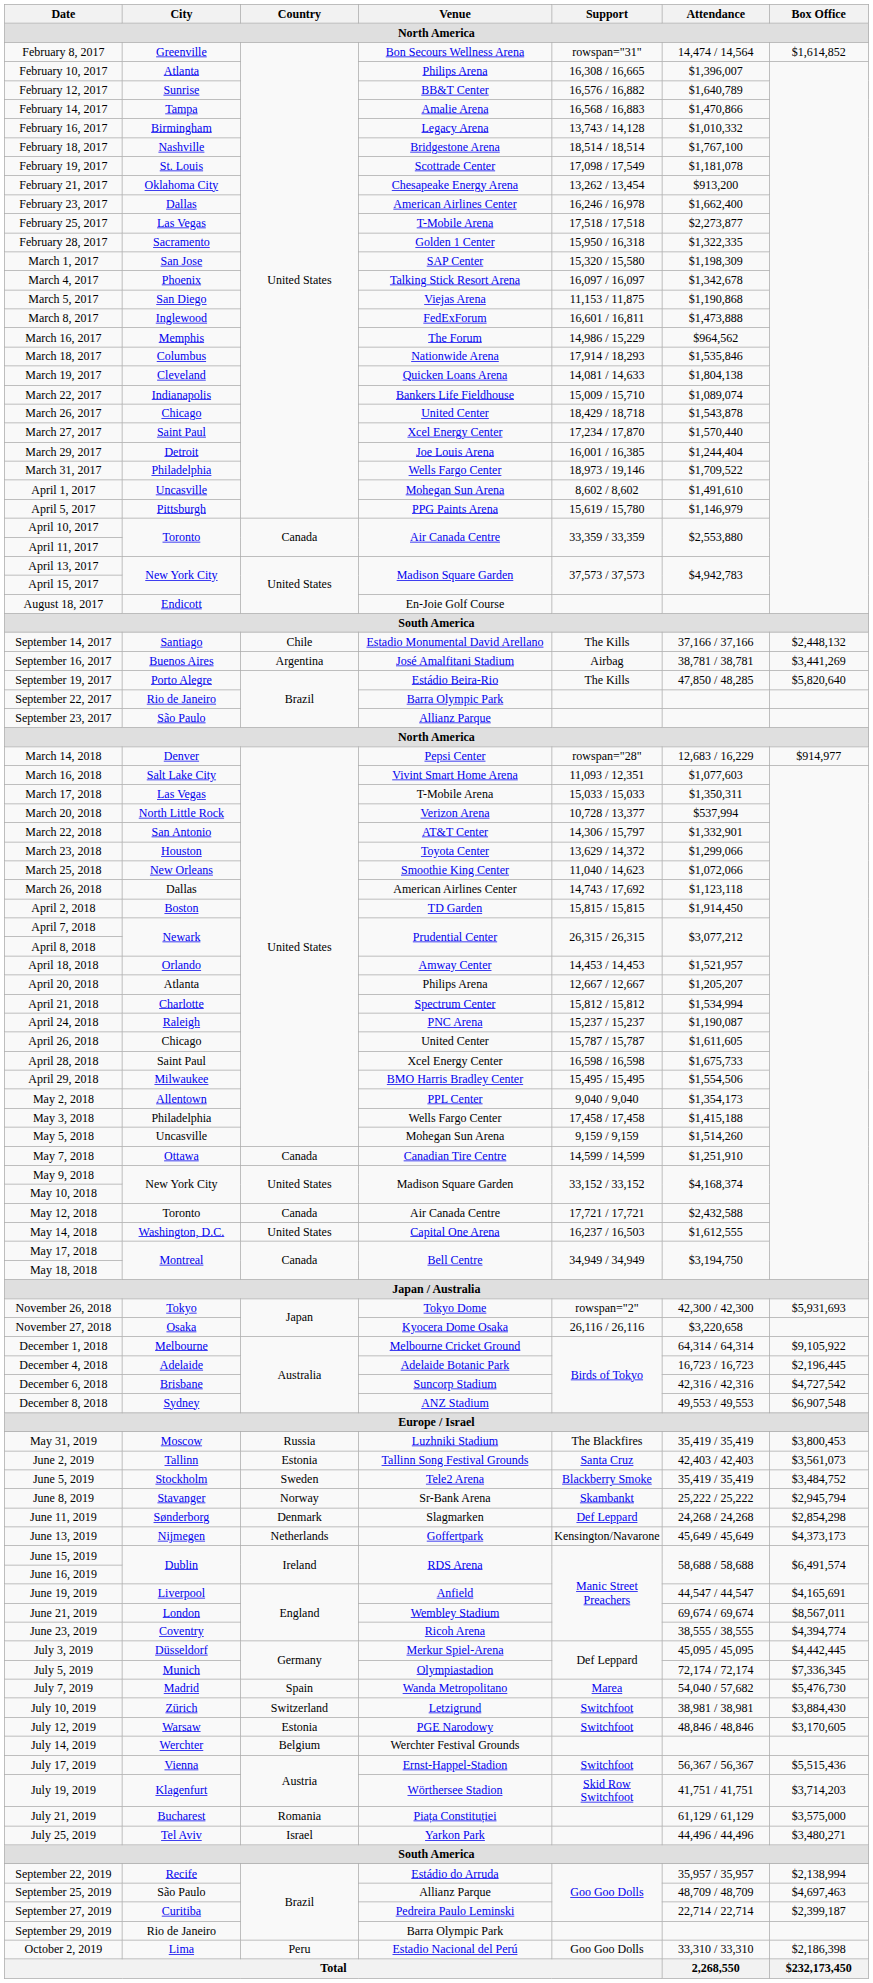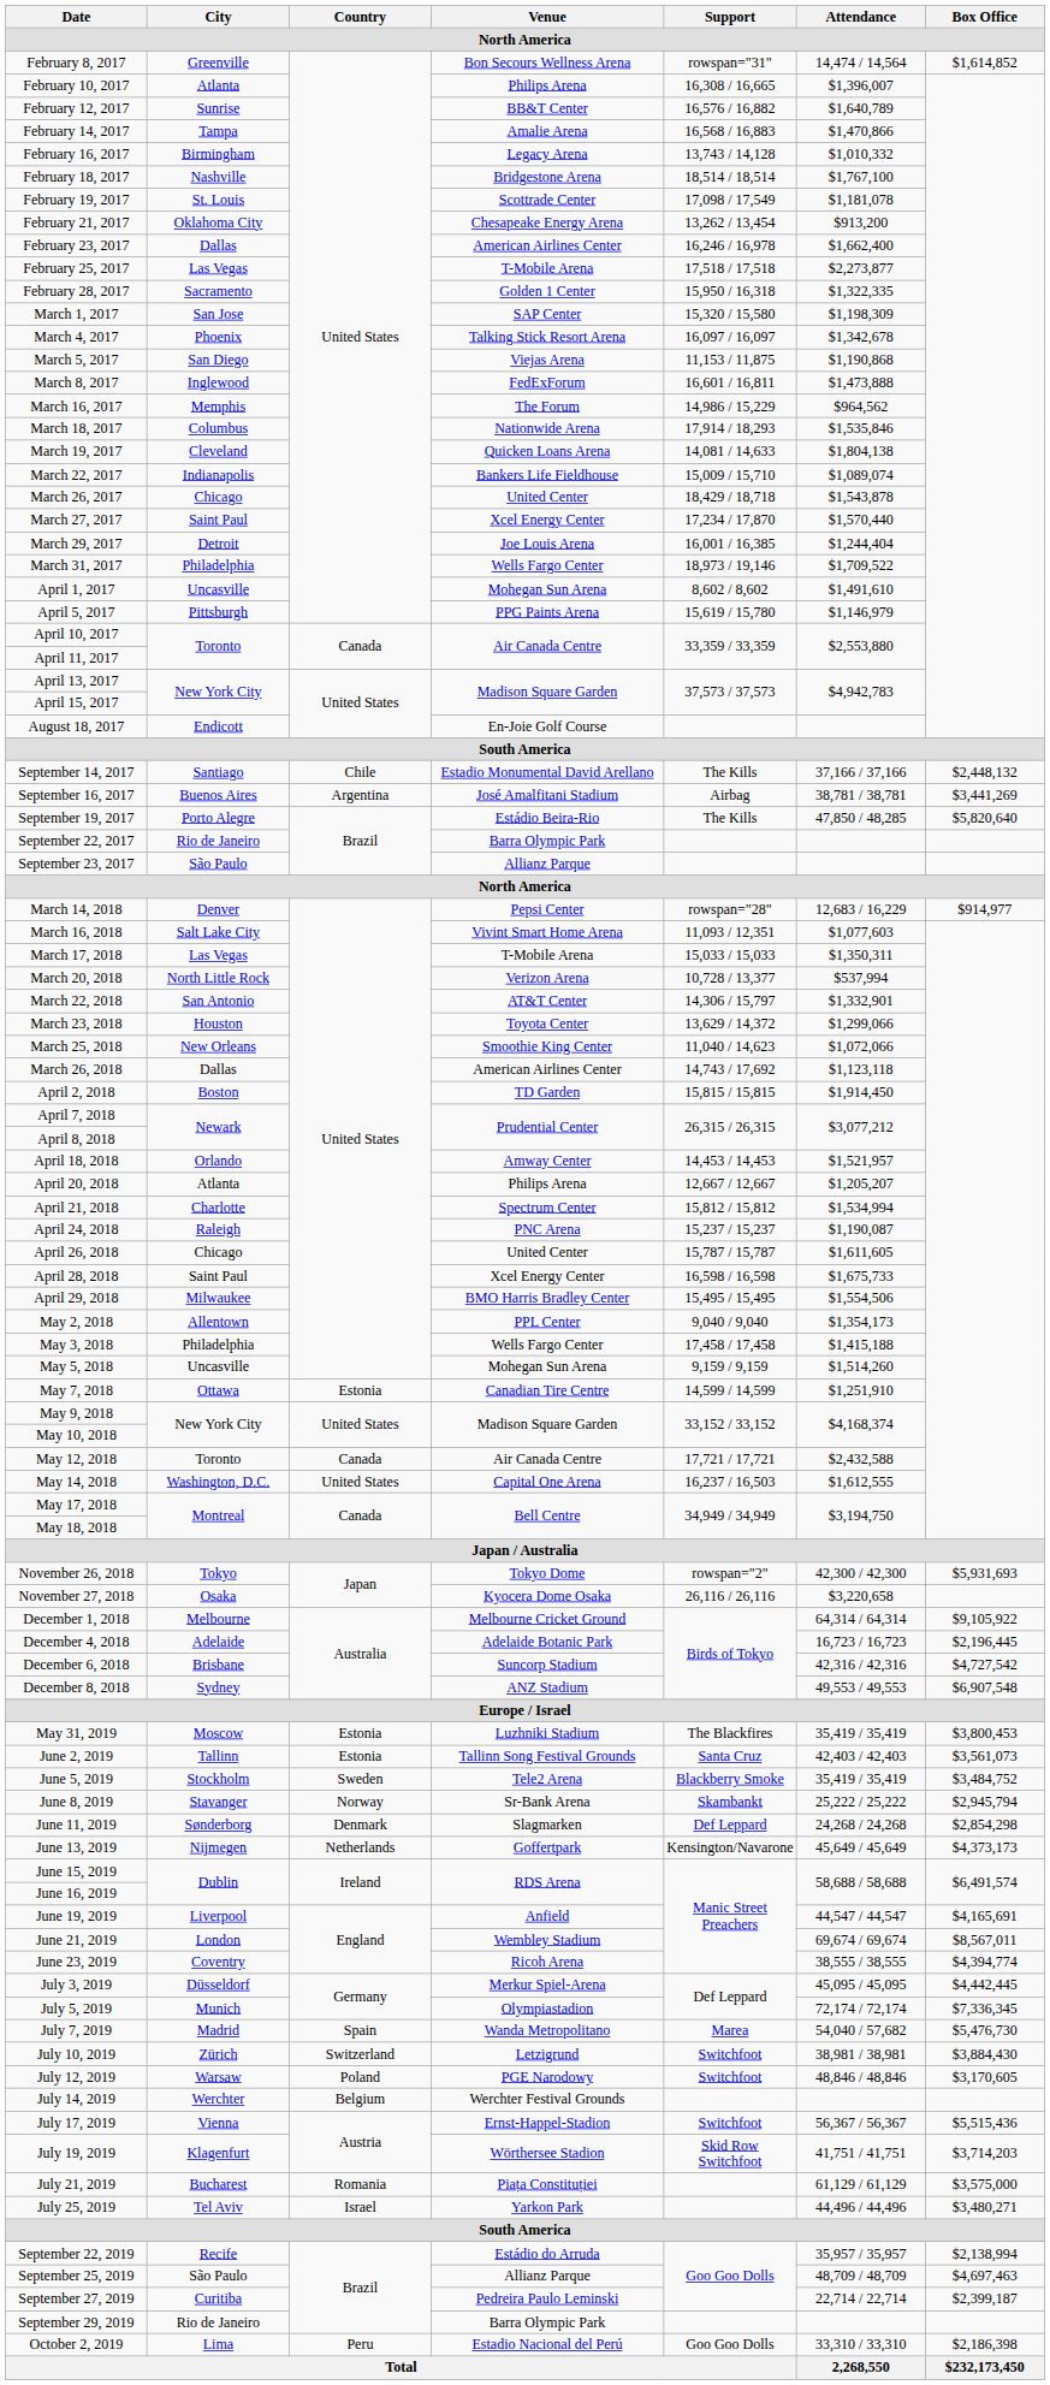 <table class="wikitable" style="text-align:center;">
 <tr>
 <th width="150">Date</th>
 <th width="150">City</th>
 <th width="150">Country</th>
 <th width="250">Venue</th>
 <th width="125">Support</th>
 <th width="135">Attendance</th>
 <th width="125">Box Office</th>
 </tr>
 <tr>
 <th colspan="7" style="background:#DFDFDF;">North America</th>
 </tr>
 <tr>
 <td>February 8, 2017</td>
 <td><a href='#'>Greenville</a></td>
 <td rowspan="25">United States</td>
 <td><a href='#'>Bon Secours Wellness Arena</a></td>
 <td>rowspan="31" </td>
 <td>14,474 / 14,564</td>
 <td>$1,614,852</td>
 </tr>
 <tr>
 <td>February 10, 2017</td>
 <td><a href='#'>Atlanta</a></td>
 <td><a href='#'>Philips Arena</a></td>
 <td>16,308 / 16,665</td>
 <td>$1,396,007</td>
 </tr>
 <tr>
 <td>February 12, 2017</td>
 <td><a href='#'>Sunrise</a></td>
 <td><a href='#'>BB&T Center</a></td>
 <td>16,576 / 16,882</td>
 <td>$1,640,789</td>
 </tr>
 <tr>
 <td>February 14, 2017</td>
 <td><a href='#'>Tampa</a></td>
 <td><a href='#'>Amalie Arena</a></td>
 <td>16,568 / 16,883</td>
 <td>$1,470,866</td>
 </tr>
 <tr>
 <td>February 16, 2017</td>
 <td><a href='#'>Birmingham</a></td>
 <td><a href='#'>Legacy Arena</a></td>
 <td>13,743 / 14,128</td>
 <td>$1,010,332</td>
 </tr>
 <tr>
 <td>February 18, 2017</td>
 <td><a href='#'>Nashville</a></td>
 <td><a href='#'>Bridgestone Arena</a></td>
 <td>18,514 / 18,514</td>
 <td>$1,767,100</td>
 </tr>
 <tr>
 <td>February 19, 2017</td>
 <td><a href='#'>St. Louis</a></td>
 <td><a href='#'>Scottrade Center</a></td>
 <td>17,098 / 17,549</td>
 <td>$1,181,078</td>
 </tr>
 <tr>
 <td>February 21, 2017</td>
 <td><a href='#'>Oklahoma City</a></td>
 <td><a href='#'>Chesapeake Energy Arena</a></td>
 <td>13,262 / 13,454</td>
 <td>$913,200</td>
 </tr>
 <tr>
 <td>February 23, 2017</td>
 <td><a href='#'>Dallas</a></td>
 <td><a href='#'>American Airlines Center</a></td>
 <td>16,246 / 16,978</td>
 <td>$1,662,400</td>
 </tr>
 <tr>
 <td>February 25, 2017</td>
 <td><a href='#'>Las Vegas</a></td>
 <td><a href='#'>T-Mobile Arena</a></td>
 <td>17,518 / 17,518</td>
 <td>$2,273,877</td>
 </tr>
 <tr>
 <td>February 28, 2017</td>
 <td><a href='#'>Sacramento</a></td>
 <td><a href='#'>Golden 1 Center</a></td>
 <td>15,950 / 16,318</td>
 <td>$1,322,335</td>
 </tr>
 <tr>
 <td>March 1, 2017</td>
 <td><a href='#'>San Jose</a></td>
 <td><a href='#'>SAP Center</a></td>
 <td>15,320 / 15,580</td>
 <td>$1,198,309</td>
 </tr>
 <tr>
 <td>March 4, 2017</td>
 <td><a href='#'>Phoenix</a></td>
 <td><a href='#'>Talking Stick Resort Arena</a></td>
 <td>16,097 / 16,097</td>
 <td>$1,342,678</td>
 </tr>
 <tr>
 <td>March 5, 2017</td>
 <td><a href='#'>San Diego</a></td>
 <td><a href='#'>Viejas Arena</a></td>
 <td>11,153 / 11,875</td>
 <td>$1,190,868</td>
 </tr>
 <tr>
 <td>March 8, 2017</td>
 <td><a href='#'>Inglewood</a></td>
 <td><a href='#'>FedExForum</a></td>
 <td>16,601 / 16,811</td>
 <td>$1,473,888</td>
 </tr>
 <tr>
 <td>March 16, 2017</td>
 <td><a href='#'>Memphis</a></td>
 <td><a href='#'>The Forum</a></td>
 <td>14,986 / 15,229</td>
 <td>$964,562</td>
 </tr>
 <tr>
 <td>March 18, 2017</td>
 <td><a href='#'>Columbus</a></td>
 <td><a href='#'>Nationwide Arena</a></td>
 <td>17,914 / 18,293</td>
 <td>$1,535,846</td>
 </tr>
 <tr>
 <td>March 19, 2017</td>
 <td><a href='#'>Cleveland</a></td>
 <td><a href='#'>Quicken Loans Arena</a></td>
 <td>14,081 / 14,633</td>
 <td>$1,804,138</td>
 </tr>
 <tr>
 <td>March 22, 2017</td>
 <td><a href='#'>Indianapolis</a></td>
 <td><a href='#'>Bankers Life Fieldhouse</a></td>
 <td>15,009 / 15,710</td>
 <td>$1,089,074</td>
 </tr>
 <tr>
 <td>March 26, 2017</td>
 <td><a href='#'>Chicago</a></td>
 <td><a href='#'>United Center</a></td>
 <td>18,429 / 18,718</td>
 <td>$1,543,878</td>
 </tr>
 <tr>
 <td>March 27, 2017</td>
 <td><a href='#'>Saint Paul</a></td>
 <td><a href='#'>Xcel Energy Center</a></td>
 <td>17,234 / 17,870</td>
 <td>$1,570,440</td>
 </tr>
 <tr>
 <td>March 29, 2017</td>
 <td><a href='#'>Detroit</a></td>
 <td><a href='#'>Joe Louis Arena</a></td>
 <td>16,001 / 16,385</td>
 <td>$1,244,404</td>
 </tr>
 <tr>
 <td>March 31, 2017</td>
 <td><a href='#'>Philadelphia</a></td>
 <td><a href='#'>Wells Fargo Center</a></td>
 <td>18,973 / 19,146</td>
 <td>$1,709,522</td>
 </tr>
 <tr>
 <td>April 1, 2017</td>
 <td><a href='#'>Uncasville</a></td>
 <td><a href='#'>Mohegan Sun Arena</a></td>
 <td>8,602 / 8,602</td>
 <td>$1,491,610</td>
 </tr>
 <tr>
 <td>April 5, 2017</td>
 <td><a href='#'>Pittsburgh</a></td>
 <td><a href='#'>PPG Paints Arena</a></td>
 <td>15,619 / 15,780</td>
 <td>$1,146,979</td>
 </tr>
 <tr>
 <td>April 10, 2017</td>
 <td rowspan="2"><a href='#'>Toronto</a></td>
 <td rowspan="2">Canada</td>
 <td rowspan="2"><a href='#'>Air Canada Centre</a></td>
 <td rowspan="2">33,359 / 33,359</td>
 <td rowspan="2">$2,553,880</td>
 </tr>
 <tr>
 <td>April 11, 2017</td>
 </tr>
 <tr>
 <td>April 13, 2017</td>
 <td rowspan="2"><a href='#'>New York City</a></td>
 <td rowspan="3">United States</td>
 <td rowspan="2"><a href='#'>Madison Square Garden</a></td>
 <td rowspan="2">37,573 / 37,573</td>
 <td rowspan="2">$4,942,783</td>
 </tr>
 <tr>
 <td>April 15, 2017</td>
 </tr>
 <tr>
 <td>August 18, 2017</td>
 <td><a href='#'>Endicott</a></td>
 <td>En-Joie Golf Course</td>
 <td></td>
 <td></td>
 </tr>
 <tr>
 <th colspan="7" style="background:#DFDFDF;">South America</th>
 </tr>
 <tr>
 <td>September 14, 2017</td>
 <td><a href='#'>Santiago</a></td>
 <td>Chile</td>
 <td><a href='#'>Estadio Monumental David Arellano</a></td>
 <td>The Kills</td>
 <td>37,166 / 37,166</td>
 <td>$2,448,132</td>
 </tr>
 <tr>
 <td>September 16, 2017</td>
 <td><a href='#'>Buenos Aires</a></td>
 <td>Argentina</td>
 <td><a href='#'>José Amalfitani Stadium</a></td>
 <td>Airbag</td>
 <td>38,781 / 38,781</td>
 <td>$3,441,269</td>
 </tr>
 <tr>
 <td>September 19, 2017</td>
 <td><a href='#'>Porto Alegre</a></td>
 <td rowspan="3">Brazil</td>
 <td><a href='#'>Estádio Beira-Rio</a></td>
 <td>The Kills</td>
 <td>47,850 / 48,285</td>
 <td>$5,820,640</td>
 </tr>
 <tr>
 <td>September 22, 2017</td>
 <td><a href='#'>Rio de Janeiro</a></td>
 <td><a href='#'>Barra Olympic Park</a></td>
 <td></td>
 <td></td>
 <td></td>
 </tr>
 <tr>
 <td>September 23, 2017</td>
 <td><a href='#'>São Paulo</a></td>
 <td><a href='#'>Allianz Parque</a></td>
 <td></td>
 <td></td>
 <td></td>
 </tr>
 <tr>
 <th colspan="7" style="background:#DFDFDF;">North America</th>
 </tr>
 <tr>
 <td>March 14, 2018</td>
 <td><a href='#'>Denver</a></td>
 <td rowspan="21">United States</td>
 <td><a href='#'>Pepsi Center</a></td>
 <td>rowspan="28" </td>
 <td>12,683 / 16,229</td>
 <td>$914,977</td>
 </tr>
 <tr>
 <td>March 16, 2018</td>
 <td><a href='#'>Salt Lake City</a></td>
 <td><a href='#'>Vivint Smart Home Arena</a></td>
 <td>11,093 / 12,351</td>
 <td>$1,077,603</td>
 </tr>
 <tr>
 <td>March 17, 2018</td>
 <td><a href='#'>Las Vegas</a></td>
 <td>T-Mobile Arena</td>
 <td>15,033 / 15,033</td>
 <td>$1,350,311</td>
 </tr>
 <tr>
 <td>March 20, 2018</td>
 <td><a href='#'>North Little Rock</a></td>
 <td><a href='#'>Verizon Arena</a></td>
 <td>10,728 / 13,377</td>
 <td>$537,994</td>
 </tr>
 <tr>
 <td>March 22, 2018</td>
 <td><a href='#'>San Antonio</a></td>
 <td><a href='#'>AT&T Center</a></td>
 <td>14,306 / 15,797</td>
 <td>$1,332,901</td>
 </tr>
 <tr>
 <td>March 23, 2018</td>
 <td><a href='#'>Houston</a></td>
 <td><a href='#'>Toyota Center</a></td>
 <td>13,629 / 14,372</td>
 <td>$1,299,066</td>
 </tr>
 <tr>
 <td>March 25, 2018</td>
 <td><a href='#'>New Orleans</a></td>
 <td><a href='#'>Smoothie King Center</a></td>
 <td>11,040 / 14,623</td>
 <td>$1,072,066</td>
 </tr>
 <tr>
 <td>March 26, 2018</td>
 <td>Dallas</td>
 <td>American Airlines Center</td>
 <td>14,743 / 17,692</td>
 <td>$1,123,118</td>
 </tr>
 <tr>
 <td>April 2, 2018</td>
 <td><a href='#'>Boston</a></td>
 <td><a href='#'>TD Garden</a></td>
 <td>15,815 / 15,815</td>
 <td>$1,914,450</td>
 </tr>
 <tr>
 <td>April 7, 2018</td>
 <td rowspan="2"><a href='#'>Newark</a></td>
 <td rowspan="2"><a href='#'>Prudential Center</a></td>
 <td rowspan="2">26,315 / 26,315</td>
 <td rowspan="2">$3,077,212</td>
 </tr>
 <tr>
 <td>April 8, 2018</td>
 </tr>
 <tr>
 <td>April 18, 2018</td>
 <td><a href='#'>Orlando</a></td>
 <td><a href='#'>Amway Center</a></td>
 <td>14,453 / 14,453</td>
 <td>$1,521,957</td>
 </tr>
 <tr>
 <td>April 20, 2018</td>
 <td>Atlanta</td>
 <td>Philips Arena</td>
 <td>12,667 / 12,667</td>
 <td>$1,205,207</td>
 </tr>
 <tr>
 <td>April 21, 2018</td>
 <td><a href='#'>Charlotte</a></td>
 <td><a href='#'>Spectrum Center</a></td>
 <td>15,812 / 15,812</td>
 <td>$1,534,994</td>
 </tr>
 <tr>
 <td>April 24, 2018</td>
 <td><a href='#'>Raleigh</a></td>
 <td><a href='#'>PNC Arena</a></td>
 <td>15,237 / 15,237</td>
 <td>$1,190,087</td>
 </tr>
 <tr>
 <td>April 26, 2018</td>
 <td>Chicago</td>
 <td>United Center</td>
 <td>15,787 / 15,787</td>
 <td>$1,611,605</td>
 </tr>
 <tr>
 <td>April 28, 2018</td>
 <td>Saint Paul</td>
 <td>Xcel Energy Center</td>
 <td>16,598 / 16,598</td>
 <td>$1,675,733</td>
 </tr>
 <tr>
 <td>April 29, 2018</td>
 <td><a href='#'>Milwaukee</a></td>
 <td><a href='#'>BMO Harris Bradley Center</a></td>
 <td>15,495 / 15,495</td>
 <td>$1,554,506</td>
 </tr>
 <tr>
 <td>May 2, 2018</td>
 <td><a href='#'>Allentown</a></td>
 <td><a href='#'>PPL Center</a></td>
 <td>9,040 / 9,040</td>
 <td>$1,354,173</td>
 </tr>
 <tr>
 <td>May 3, 2018</td>
 <td>Philadelphia</td>
 <td>Wells Fargo Center</td>
 <td>17,458 / 17,458</td>
 <td>$1,415,188</td>
 </tr>
 <tr>
 <td>May 5, 2018</td>
 <td>Uncasville</td>
 <td>Mohegan Sun Arena</td>
 <td>9,159 / 9,159</td>
 <td>$1,514,260</td>
 </tr>
 <tr>
 <td>May 7, 2018</td>
 <td><a href='#'>Ottawa</a></td>
-<td>Canada</td>
+<td>Estonia</td>
 <td><a href='#'>Canadian Tire Centre</a></td>
 <td>14,599 / 14,599</td>
 <td>$1,251,910</td>
 </tr>
 <tr>
 <td>May 9, 2018</td>
 <td rowspan="2">New York City</td>
 <td rowspan="2">United States</td>
 <td rowspan="2">Madison Square Garden</td>
 <td rowspan="2">33,152 / 33,152</td>
 <td rowspan="2">$4,168,374</td>
 </tr>
 <tr>
 <td>May 10, 2018</td>
 </tr>
 <tr>
 <td>May 12, 2018</td>
 <td>Toronto</td>
 <td>Canada</td>
 <td>Air Canada Centre</td>
 <td>17,721 / 17,721</td>
 <td>$2,432,588</td>
 </tr>
 <tr>
 <td>May 14, 2018</td>
 <td><a href='#'>Washington, D.C.</a></td>
 <td>United States</td>
 <td><a href='#'>Capital One Arena</a></td>
 <td>16,237 / 16,503</td>
 <td>$1,612,555</td>
 </tr>
 <tr>
 <td>May 17, 2018</td>
 <td rowspan="2"><a href='#'>Montreal</a></td>
 <td rowspan="2">Canada</td>
 <td rowspan="2"><a href='#'>Bell Centre</a></td>
 <td rowspan="2">34,949 / 34,949</td>
 <td rowspan="2">$3,194,750</td>
 </tr>
 <tr>
 <td>May 18, 2018</td>
 </tr>
 <tr>
 <th colspan="7" style="background:#DFDFDF;">Japan / Australia</th>
 </tr>
 <tr>
 <td>November 26, 2018</td>
 <td><a href='#'>Tokyo</a></td>
 <td rowspan="2">Japan</td>
 <td><a href='#'>Tokyo Dome</a></td>
 <td>rowspan="2" </td>
 <td>42,300 / 42,300</td>
 <td>$5,931,693</td>
 </tr>
 <tr>
 <td>November 27, 2018</td>
 <td><a href='#'>Osaka</a></td>
 <td><a href='#'>Kyocera Dome Osaka</a></td>
 <td>26,116 / 26,116</td>
 <td>$3,220,658</td>
 </tr>
 <tr>
 <td>December 1, 2018</td>
 <td><a href='#'>Melbourne</a></td>
 <td rowspan="4">Australia</td>
 <td><a href='#'>Melbourne Cricket Ground</a></td>
 <td rowspan="4"><a href='#'>Birds of Tokyo</a></td>
 <td>64,314 / 64,314</td>
 <td>$9,105,922</td>
 </tr>
 <tr>
 <td>December 4, 2018</td>
 <td><a href='#'>Adelaide</a></td>
 <td><a href='#'>Adelaide Botanic Park</a></td>
 <td>16,723 / 16,723</td>
 <td>$2,196,445</td>
 </tr>
 <tr>
 <td>December 6, 2018</td>
 <td><a href='#'>Brisbane</a></td>
 <td><a href='#'>Suncorp Stadium</a></td>
 <td>42,316 / 42,316</td>
 <td>$4,727,542</td>
 </tr>
 <tr>
 <td>December 8, 2018</td>
 <td><a href='#'>Sydney</a></td>
 <td><a href='#'>ANZ Stadium</a></td>
 <td>49,553 / 49,553</td>
 <td>$6,907,548</td>
 </tr>
 <tr>
 <th colspan="7" style="background:#DFDFDF;">Europe / Israel</th>
 </tr>
 <tr>
 <td>May 31, 2019</td>
 <td><a href='#'>Moscow</a></td>
-<td>Russia</td>
+<td>Estonia</td>
 <td><a href='#'>Luzhniki Stadium</a></td>
 <td>The Blackfires</td>
 <td>35,419 / 35,419</td>
 <td>$3,800,453</td>
 </tr>
 <tr>
 <td>June 2, 2019</td>
 <td><a href='#'>Tallinn</a></td>
 <td>Estonia</td>
 <td><a href='#'>Tallinn Song Festival Grounds</a></td>
 <td><a href='#'>Santa Cruz</a></td>
 <td>42,403 / 42,403</td>
 <td>$3,561,073</td>
 </tr>
 <tr>
 <td>June 5, 2019</td>
 <td><a href='#'>Stockholm</a></td>
 <td>Sweden</td>
 <td><a href='#'>Tele2 Arena</a></td>
 <td><a href='#'>Blackberry Smoke</a></td>
 <td>35,419 / 35,419</td>
 <td>$3,484,752</td>
 </tr>
 <tr>
 <td>June 8, 2019</td>
 <td><a href='#'>Stavanger</a></td>
 <td>Norway</td>
 <td>Sr-Bank Arena</td>
 <td><a href='#'>Skambankt</a></td>
 <td>25,222 / 25,222</td>
 <td>$2,945,794</td>
 </tr>
 <tr>
 <td>June 11, 2019</td>
 <td><a href='#'>Sønderborg</a></td>
 <td>Denmark</td>
 <td>Slagmarken</td>
 <td><a href='#'>Def Leppard</a></td>
 <td>24,268 / 24,268</td>
 <td>$2,854,298</td>
 </tr>
 <tr>
 <td>June 13, 2019</td>
 <td><a href='#'>Nijmegen</a></td>
 <td>Netherlands</td>
 <td><a href='#'>Goffertpark</a></td>
 <td>Kensington/Navarone</td>
 <td>45,649 / 45,649</td>
 <td>$4,373,173</td>
 </tr>
 <tr>
 <td>June 15, 2019</td>
 <td rowspan="2"><a href='#'>Dublin</a></td>
 <td rowspan="2">Ireland</td>
 <td rowspan="2"><a href='#'>RDS Arena</a></td>
 <td rowspan="5"><a href='#'>Manic Street Preachers</a></td>
 <td rowspan="2">58,688 / 58,688</td>
 <td rowspan="2">$6,491,574</td>
 </tr>
 <tr>
 <td>June 16, 2019</td>
 </tr>
 <tr>
 <td>June 19, 2019</td>
 <td><a href='#'>Liverpool</a></td>
 <td rowspan="3">England</td>
 <td><a href='#'>Anfield</a></td>
 <td>44,547 / 44,547</td>
 <td>$4,165,691</td>
 </tr>
 <tr>
 <td>June 21, 2019</td>
 <td><a href='#'>London</a></td>
 <td><a href='#'>Wembley Stadium</a></td>
 <td>69,674 / 69,674</td>
 <td>$8,567,011</td>
 </tr>
 <tr>
 <td>June 23, 2019</td>
 <td><a href='#'>Coventry</a></td>
 <td><a href='#'>Ricoh Arena</a></td>
 <td>38,555 / 38,555</td>
 <td>$4,394,774</td>
 </tr>
 <tr>
 <td>July 3, 2019</td>
 <td><a href='#'>Düsseldorf</a></td>
 <td rowspan="2">Germany</td>
 <td><a href='#'>Merkur Spiel-Arena</a></td>
 <td rowspan="2">Def Leppard</td>
 <td>45,095 / 45,095</td>
 <td>$4,442,445</td>
 </tr>
 <tr>
 <td>July 5, 2019</td>
 <td><a href='#'>Munich</a></td>
 <td><a href='#'>Olympiastadion</a></td>
 <td>72,174 / 72,174</td>
 <td>$7,336,345</td>
 </tr>
 <tr>
 <td>July 7, 2019</td>
 <td><a href='#'>Madrid</a></td>
 <td>Spain</td>
 <td><a href='#'>Wanda Metropolitano</a></td>
 <td><a href='#'>Marea</a></td>
 <td>54,040 / 57,682</td>
 <td>$5,476,730</td>
 </tr>
 <tr>
 <td>July 10, 2019</td>
 <td><a href='#'>Zürich</a></td>
 <td>Switzerland</td>
 <td><a href='#'>Letzigrund</a></td>
 <td><a href='#'>Switchfoot</a></td>
 <td>38,981 / 38,981</td>
 <td>$3,884,430</td>
 </tr>
 <tr>
 <td>July 12, 2019</td>
 <td><a href='#'>Warsaw</a></td>
-<td>Estonia</td>
+<td>Poland</td>
 <td><a href='#'>PGE Narodowy</a></td>
 <td><a href='#'>Switchfoot</a></td>
 <td>48,846 / 48,846</td>
 <td>$3,170,605</td>
 </tr>
 <tr>
 <td>July 14, 2019</td>
 <td><a href='#'>Werchter</a></td>
 <td>Belgium</td>
 <td>Werchter Festival Grounds</td>
 <td></td>
 <td></td>
 <td></td>
 </tr>
 <tr>
 <td>July 17, 2019</td>
 <td><a href='#'>Vienna</a></td>
 <td rowspan="2">Austria</td>
 <td><a href='#'>Ernst-Happel-Stadion</a></td>
 <td><a href='#'>Switchfoot</a></td>
 <td>56,367 / 56,367</td>
 <td>$5,515,436</td>
 </tr>
 <tr>
 <td>July 19, 2019</td>
 <td><a href='#'>Klagenfurt</a></td>
 <td><a href='#'>Wörthersee Stadion</a></td>
 <td><a href='#'>Skid Row</a><br><a href='#'>Switchfoot</a></td>
 <td>41,751 / 41,751</td>
 <td>$3,714,203</td>
 </tr>
 <tr>
 <td>July 21, 2019</td>
 <td><a href='#'>Bucharest</a></td>
 <td>Romania</td>
 <td><a href='#'>Piața Constituției</a></td>
 <td></td>
 <td>61,129 / 61,129</td>
 <td>$3,575,000</td>
 </tr>
 <tr>
 <td>July 25, 2019</td>
 <td><a href='#'>Tel Aviv</a></td>
 <td>Israel</td>
 <td><a href='#'>Yarkon Park</a></td>
 <td></td>
 <td>44,496 / 44,496</td>
 <td>$3,480,271</td>
 </tr>
 <tr>
 <th colspan="7" style="background:#DFDFDF;">South America</th>
 </tr>
 <tr>
 <td>September 22, 2019</td>
 <td><a href='#'>Recife</a></td>
 <td rowspan="4">Brazil</td>
 <td><a href='#'>Estádio do Arruda</a></td>
 <td rowspan="3"><a href='#'>Goo Goo Dolls</a></td>
 <td>35,957 / 35,957</td>
 <td>$2,138,994</td>
 </tr>
 <tr>
 <td>September 25, 2019</td>
 <td>São Paulo</td>
 <td>Allianz Parque</td>
 <td>48,709 / 48,709</td>
 <td>$4,697,463</td>
 </tr>
 <tr>
 <td>September 27, 2019</td>
 <td><a href='#'>Curitiba</a></td>
 <td><a href='#'>Pedreira Paulo Leminski</a></td>
 <td>22,714 / 22,714</td>
 <td>$2,399,187</td>
 </tr>
 <tr>
 <td>September 29, 2019</td>
 <td>Rio de Janeiro</td>
 <td>Barra Olympic Park</td>
 <td></td>
 <td></td>
 <td></td>
 </tr>
 <tr>
 <td>October 2, 2019</td>
 <td><a href='#'>Lima</a></td>
 <td>Peru</td>
 <td><a href='#'>Estadio Nacional del Perú</a></td>
 <td>Goo Goo Dolls</td>
 <td>33,310 / 33,310</td>
 <td>$2,186,398</td>
 </tr>
 <tr>
 <th colspan="5">Total</th>
 <th>2,268,550</th>
 <th>$232,173,450</th>
 </tr>
 </table>
